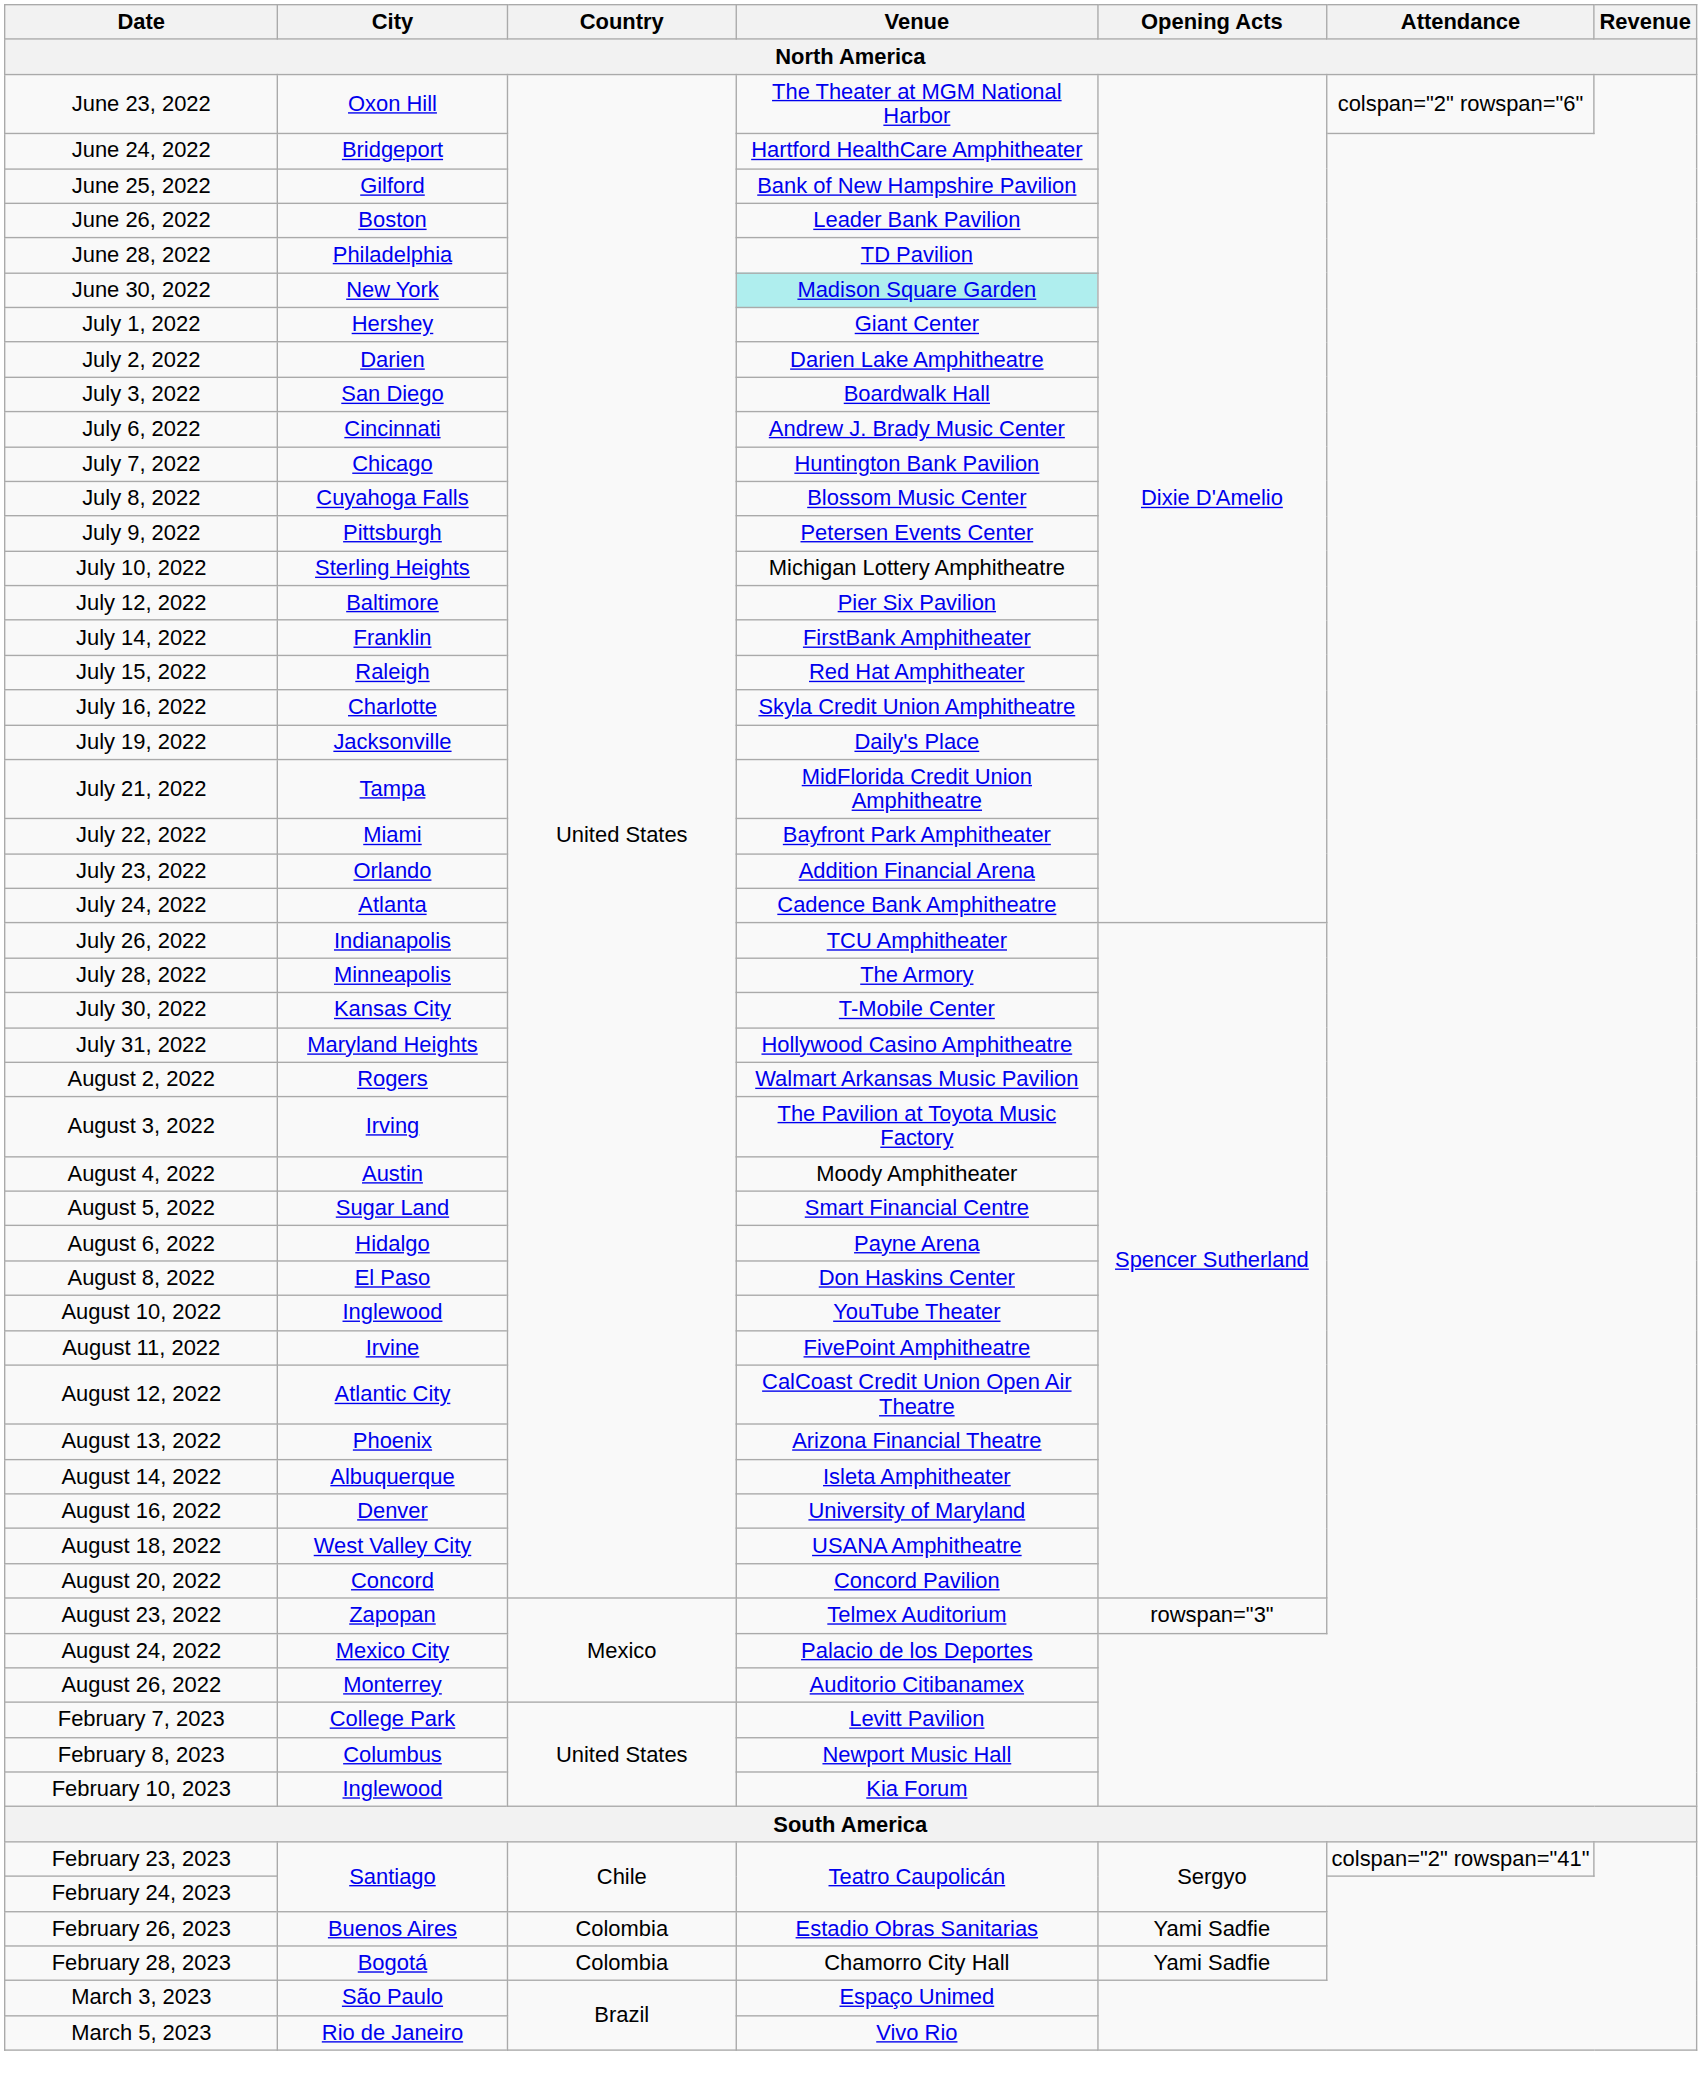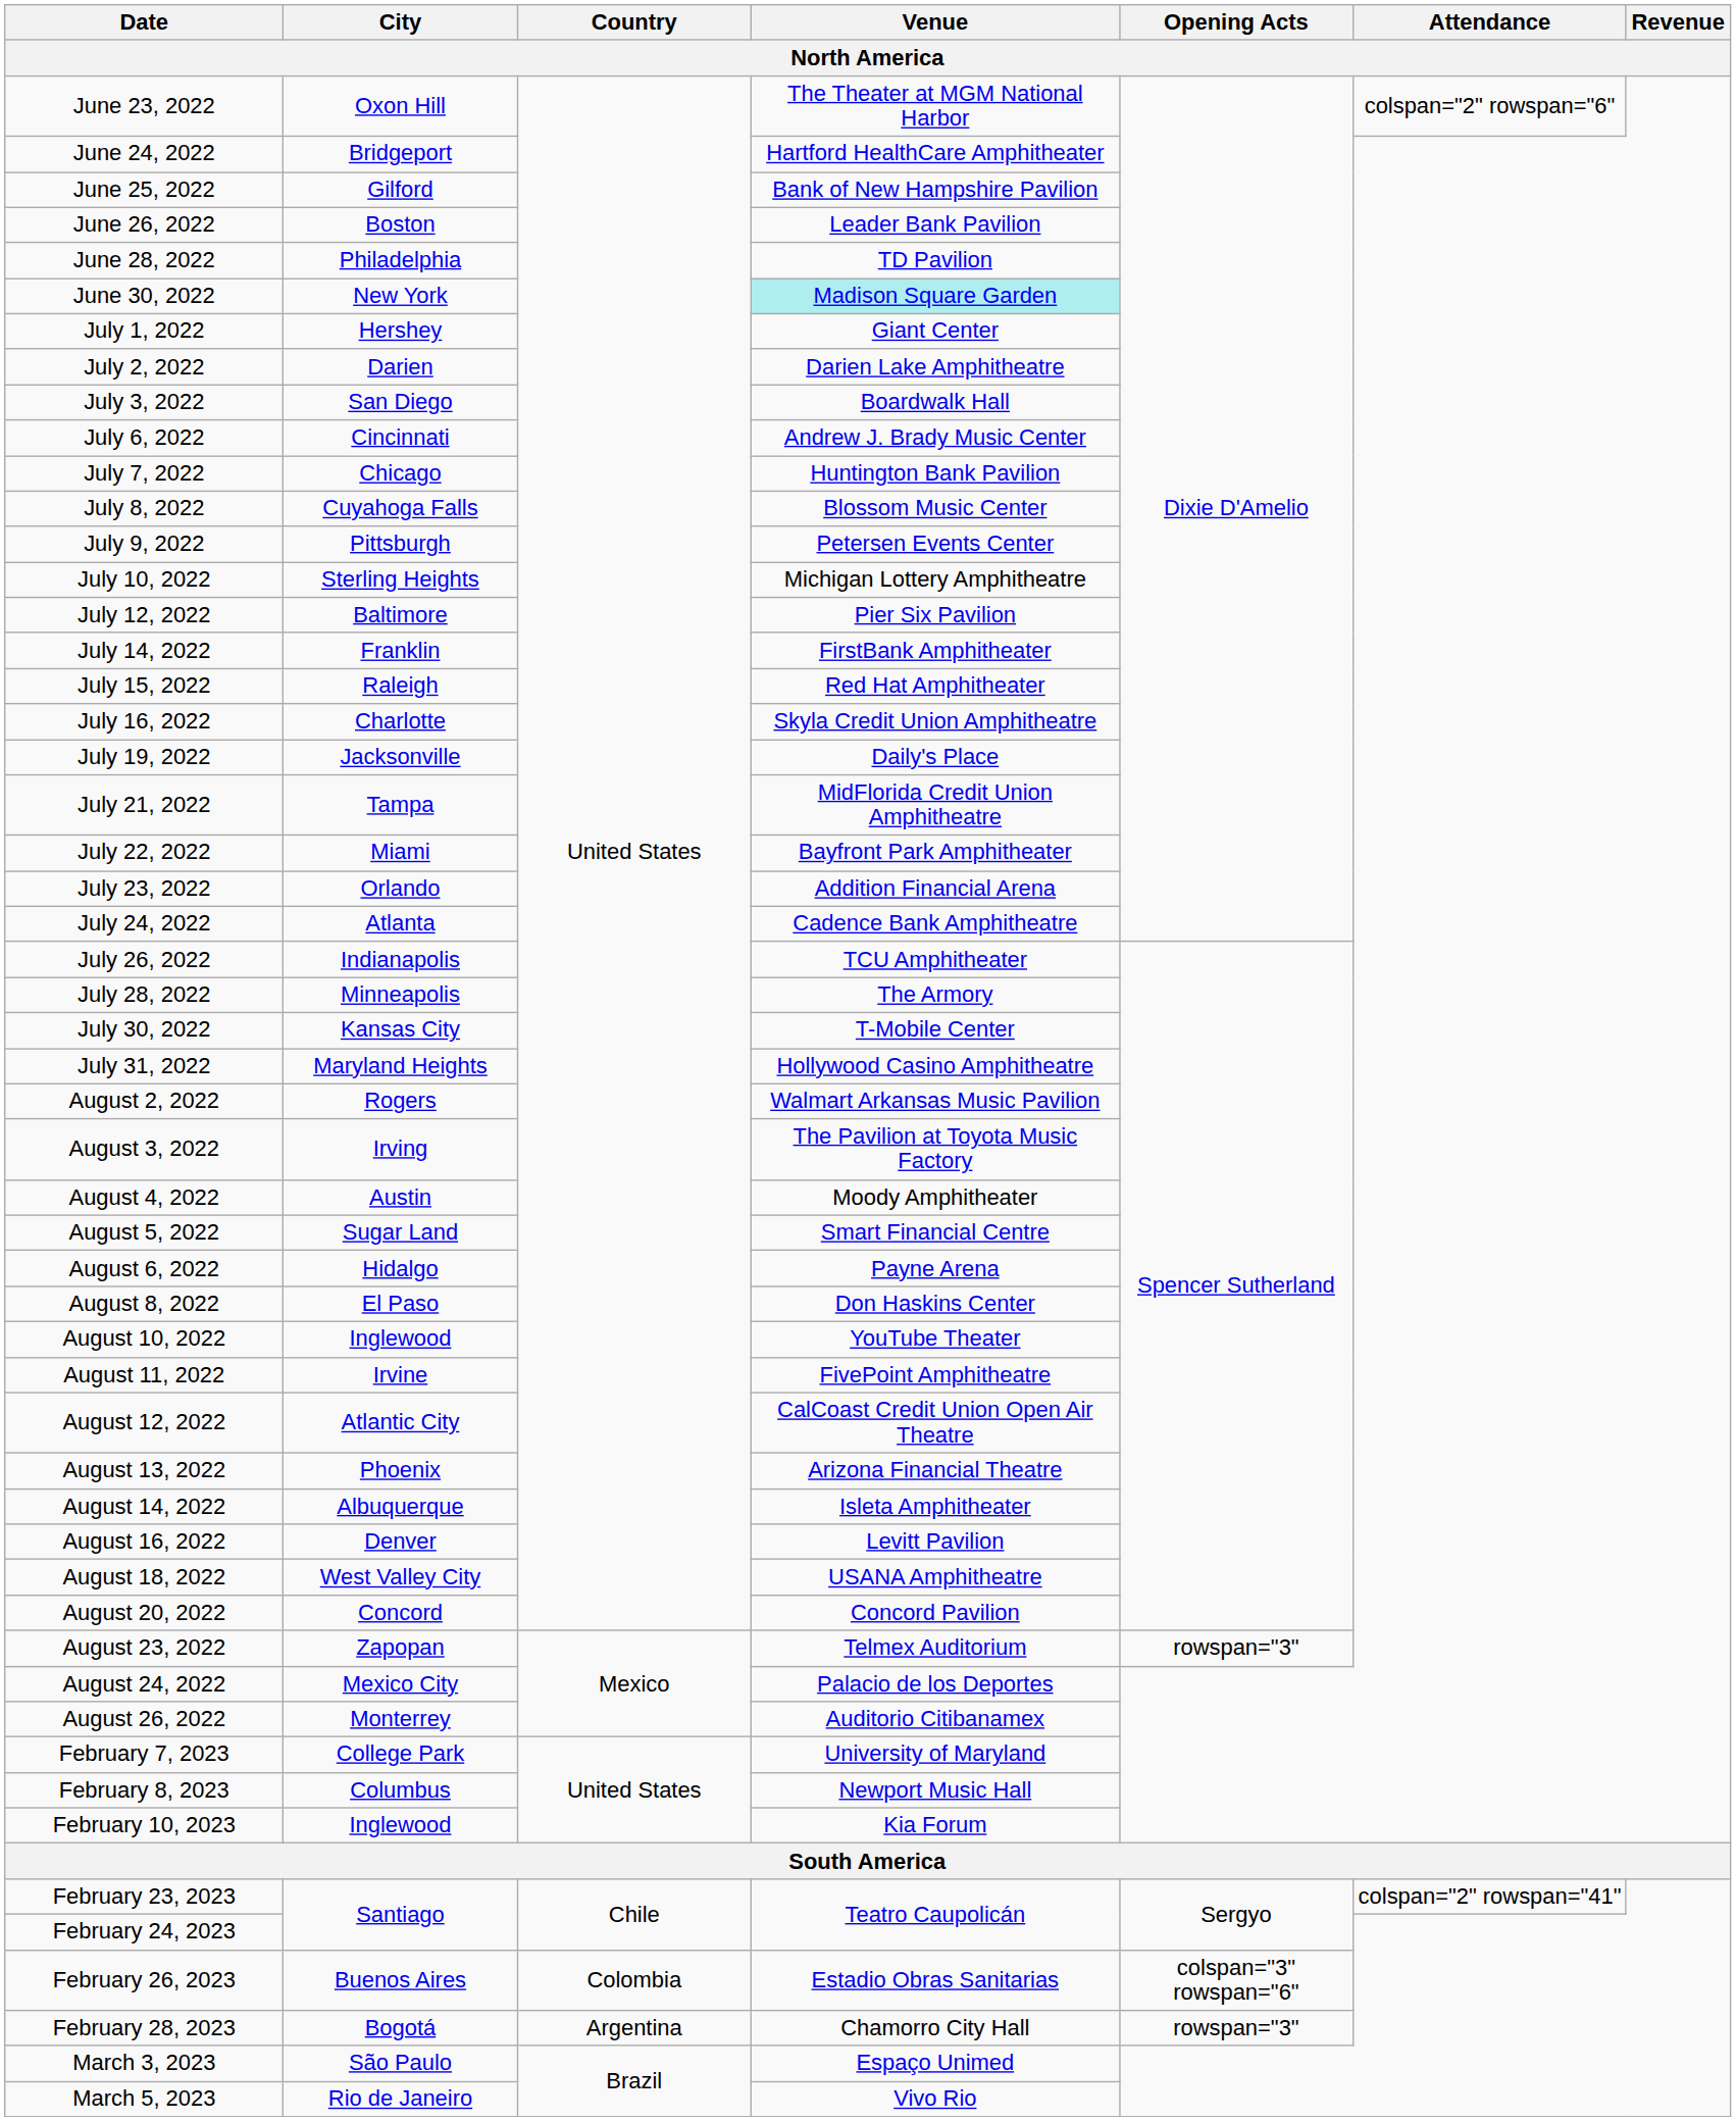 <table class="wikitable" style="text-align:center;">
 <tr>
 <th scope="col" style="width:12em;">Date</th>
 <th scope="col" style="width:10em;">City</th>
 <th scope="col" style="width:10em;">Country</th>
 <th scope="col" style="width:16em;">Venue</th>
 <th scope="col" style="width:10em;">Opening Acts</th>
 <th>Attendance</th>
 <th>Revenue</th>
 </tr>
 <tr>
 <th colspan="7"><strong>North America</strong></th>
 </tr>
 <tr>
 <td>June 23, 2022</td>
 <td><a href='#'>Oxon Hill</a></td>
 <td rowspan="41">United States</td>
 <td><a href='#'>The Theater at MGM National Harbor</a></td>
 <td rowspan="23"><a href='#'>Dixie D'Amelio</a></td>
 <td>colspan="2" rowspan="6" </td>
 </tr>
 <tr>
 <td>June 24, 2022</td>
 <td><a href='#'>Bridgeport</a></td>
 <td><a href='#'>Hartford HealthCare Amphitheater</a></td>
 </tr>
 <tr>
 <td>June 25, 2022</td>
 <td><a href='#'>Gilford</a></td>
 <td><a href='#'>Bank of New Hampshire Pavilion</a></td>
 </tr>
 <tr>
 <td>June 26, 2022</td>
 <td><a href='#'>Boston</a></td>
 <td><a href='#'>Leader Bank Pavilion</a></td>
 </tr>
 <tr>
 <td>June 28, 2022</td>
 <td><a href='#'>Philadelphia</a></td>
 <td><a href='#'>TD Pavilion</a></td>
 </tr>
 <tr>
 <td>June 30, 2022</td>
 <td><a href='#'>New York</a></td>
 <td style="background: paleturquoise;"><a href='#'>Madison Square Garden</a></td>
 </tr>
 <tr>
 <td>July 1, 2022</td>
 <td><a href='#'>Hershey</a></td>
 <td><a href='#'>Giant Center</a></td>
 </tr>
 <tr>
 <td>July 2, 2022</td>
 <td><a href='#'>Darien</a></td>
 <td><a href='#'>Darien Lake Amphitheatre</a></td>
 </tr>
 <tr>
 <td>July 3, 2022</td>
 <td><a href='#'>San Diego</a></td>
 <td><a href='#'>Boardwalk Hall</a></td>
 </tr>
 <tr>
 <td>July 6, 2022</td>
 <td><a href='#'>Cincinnati</a></td>
 <td><a href='#'>Andrew J. Brady Music Center</a></td>
 </tr>
 <tr>
 <td>July 7, 2022</td>
 <td><a href='#'>Chicago</a></td>
 <td><a href='#'>Huntington Bank Pavilion</a></td>
 </tr>
 <tr>
 <td>July 8, 2022</td>
 <td><a href='#'>Cuyahoga Falls</a></td>
 <td><a href='#'>Blossom Music Center</a></td>
 </tr>
 <tr>
 <td>July 9, 2022</td>
 <td><a href='#'>Pittsburgh</a></td>
 <td><a href='#'>Petersen Events Center</a></td>
 </tr>
 <tr>
 <td>July 10, 2022</td>
 <td><a href='#'>Sterling Heights</a></td>
 <td>Michigan Lottery Amphitheatre</td>
 </tr>
 <tr>
 <td>July 12, 2022</td>
 <td><a href='#'>Baltimore</a></td>
 <td><a href='#'>Pier Six Pavilion</a></td>
 </tr>
 <tr>
 <td>July 14, 2022</td>
 <td><a href='#'>Franklin</a></td>
 <td><a href='#'>FirstBank Amphitheater</a></td>
 </tr>
 <tr>
 <td>July 15, 2022</td>
 <td><a href='#'>Raleigh</a></td>
 <td><a href='#'>Red Hat Amphitheater</a></td>
 </tr>
 <tr>
 <td>July 16, 2022</td>
 <td><a href='#'>Charlotte</a></td>
 <td><a href='#'>Skyla Credit Union Amphitheatre</a></td>
 </tr>
 <tr>
 <td>July 19, 2022</td>
 <td><a href='#'>Jacksonville</a></td>
 <td><a href='#'>Daily's Place</a></td>
 </tr>
 <tr>
 <td>July 21, 2022</td>
 <td><a href='#'>Tampa</a></td>
 <td><a href='#'>MidFlorida Credit Union Amphitheatre</a></td>
 </tr>
 <tr>
 <td>July 22, 2022</td>
 <td><a href='#'>Miami</a></td>
 <td><a href='#'>Bayfront Park Amphitheater</a></td>
 </tr>
 <tr>
 <td>July 23, 2022</td>
 <td><a href='#'>Orlando</a></td>
 <td><a href='#'>Addition Financial Arena</a></td>
 </tr>
 <tr>
 <td>July 24, 2022</td>
 <td><a href='#'>Atlanta</a></td>
 <td><a href='#'>Cadence Bank Amphitheatre</a></td>
 </tr>
 <tr>
 <td>July 26, 2022</td>
 <td><a href='#'>Indianapolis</a></td>
 <td><a href='#'>TCU Amphitheater</a></td>
 <td rowspan="18"><a href='#'>Spencer Sutherland</a></td>
 </tr>
 <tr>
 <td>July 28, 2022</td>
 <td><a href='#'>Minneapolis</a></td>
 <td><a href='#'>The Armory</a></td>
 </tr>
 <tr>
 <td>July 30, 2022</td>
 <td><a href='#'>Kansas City</a></td>
 <td><a href='#'>T-Mobile Center</a></td>
 </tr>
 <tr>
 <td>July 31, 2022</td>
 <td><a href='#'>Maryland Heights</a></td>
 <td><a href='#'>Hollywood Casino Amphitheatre</a></td>
 </tr>
 <tr>
 <td>August 2, 2022</td>
 <td><a href='#'>Rogers</a></td>
 <td><a href='#'>Walmart Arkansas Music Pavilion</a></td>
 </tr>
 <tr>
 <td>August 3, 2022</td>
 <td><a href='#'>Irving</a></td>
 <td><a href='#'>The Pavilion at Toyota Music Factory</a></td>
 </tr>
 <tr>
 <td>August 4, 2022</td>
 <td><a href='#'>Austin</a></td>
 <td>Moody Amphitheater</td>
 </tr>
 <tr>
 <td>August 5, 2022</td>
 <td><a href='#'>Sugar Land</a></td>
 <td><a href='#'>Smart Financial Centre</a></td>
 </tr>
 <tr>
 <td>August 6, 2022</td>
 <td><a href='#'>Hidalgo</a></td>
 <td><a href='#'>Payne Arena</a></td>
 </tr>
 <tr>
 <td>August 8, 2022</td>
 <td><a href='#'>El Paso</a></td>
 <td><a href='#'>Don Haskins Center</a></td>
 </tr>
 <tr>
 <td>August 10, 2022</td>
 <td><a href='#'>Inglewood</a></td>
 <td><a href='#'>YouTube Theater</a></td>
 </tr>
 <tr>
 <td>August 11, 2022</td>
 <td><a href='#'>Irvine</a></td>
 <td><a href='#'>FivePoint Amphitheatre</a></td>
 </tr>
 <tr>
 <td>August 12, 2022</td>
 <td><a href='#'>Atlantic City</a></td>
 <td><a href='#'>CalCoast Credit Union Open Air Theatre</a></td>
 </tr>
 <tr>
 <td>August 13, 2022</td>
 <td><a href='#'>Phoenix</a></td>
 <td><a href='#'>Arizona Financial Theatre</a></td>
 </tr>
 <tr>
 <td>August 14, 2022</td>
 <td><a href='#'>Albuquerque</a></td>
 <td><a href='#'>Isleta Amphitheater</a></td>
 </tr>
 <tr>
 <td>August 16, 2022</td>
 <td><a href='#'>Denver</a></td>
-<td><a href='#'>University of Maryland</a></td>
+<td><a href='#'>Levitt Pavilion</a></td>
 </tr>
 <tr>
 <td>August 18, 2022</td>
 <td><a href='#'>West Valley City</a></td>
 <td><a href='#'>USANA Amphitheatre</a></td>
 </tr>
 <tr>
 <td>August 20, 2022</td>
 <td><a href='#'>Concord</a></td>
 <td><a href='#'>Concord Pavilion</a></td>
 </tr>
 <tr>
 <td>August 23, 2022</td>
 <td><a href='#'>Zapopan</a></td>
 <td rowspan="3">Mexico</td>
 <td><a href='#'>Telmex Auditorium</a></td>
 <td>rowspan="3" </td>
 </tr>
 <tr>
 <td>August 24, 2022</td>
 <td><a href='#'>Mexico City</a></td>
 <td><a href='#'>Palacio de los Deportes</a></td>
 </tr>
 <tr>
 <td>August 26, 2022</td>
 <td><a href='#'>Monterrey</a></td>
 <td><a href='#'>Auditorio Citibanamex</a></td>
 </tr>
 <tr>
 <td>February 7, 2023</td>
 <td><a href='#'>College Park</a></td>
 <td rowspan="3">United States</td>
-<td><a href='#'>Levitt Pavilion</a></td>
+<td><a href='#'>University of Maryland</a></td>
 </tr>
 <tr>
 <td>February 8, 2023</td>
 <td><a href='#'>Columbus</a></td>
 <td><a href='#'>Newport Music Hall</a></td>
 </tr>
 <tr>
 <td>February 10, 2023</td>
 <td><a href='#'>Inglewood</a></td>
 <td><a href='#'>Kia Forum</a></td>
 </tr>
 <tr>
 <th colspan="7"><strong>South America</strong></th>
 </tr>
 <tr>
 <td>February  23, 2023</td>
 <td rowspan="2"><a href='#'>Santiago</a></td>
 <td rowspan="2">Chile</td>
 <td rowspan="2"><a href='#'>Teatro Caupolicán</a></td>
 <td rowspan="2">Sergyo</td>
 <td>colspan="2" rowspan="41" </td>
 </tr>
 <tr>
 <td>February 24, 2023</td>
 </tr>
 <tr>
 <td>February 26, 2023</td>
 <td><a href='#'>Buenos Aires</a></td>
 <td>Colombia</td>
 <td><a href='#'>Estadio Obras Sanitarias</a></td>
-<td>Yami Sadfie</td>
+<td>colspan="3" rowspan="6" </td>
 </tr>
 <tr>
 <td>February 28, 2023</td>
 <td><a href='#'>Bogotá</a></td>
-<td>Colombia</td>
+<td>Argentina</td>
 <td>Chamorro City Hall</td>
-<td>Yami Sadfie</td>
+<td>rowspan="3" </td>
 </tr>
 <tr>
 <td>March 3, 2023</td>
 <td><a href='#'>São Paulo</a></td>
 <td rowspan="2">Brazil</td>
 <td><a href='#'>Espaço Unimed</a></td>
 </tr>
 <tr>
 <td>March 5, 2023</td>
 <td><a href='#'>Rio de Janeiro</a></td>
 <td><a href='#'>Vivo Rio</a></td>
 </tr>
 </table>
